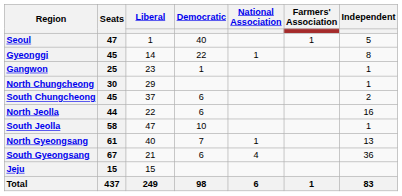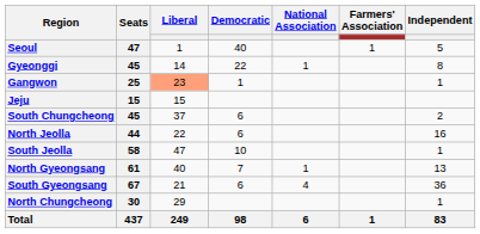 <table class="wikitable" style="text-align:center; font-size: 0.9em;">
 <tr>
 <th rowspan="2">Region</th>
 <th rowspan="2">Seats</th>
 <th class="unsortable" style="width:70px;"><a href='#'>Liberal</a></th>
 <th class="unsortable" style="width:70px;"><a href='#'>Democratic</a></th>
 <th class="unsortable" style="width:70px;"><a href='#'>National Association</a></th>
 <th class="unsortable" style="width:70px;">Farmers' Association</th>
 <th class="unsortable" style="width:70px;">Independent</th>
 </tr>
 <tr>
 <th style="background:"></th>
 <th style="background:"></th>
 <th style="background:"></th>
 <td bgcolor="brown"></td>
 <th style="background:"></th>
 </tr>
 <tr>
 <th style="text-align: left;"><a href='#'>Seoul</a></th>
 <th>47</th>
 <td>1</td>
 <td>40</td>
 <td></td>
 <td>1</td>
 <td>5</td>
 </tr>
 <tr>
 <th style="text-align: left;"><a href='#'>Gyeonggi</a></th>
 <th>45</th>
 <td>14</td>
 <td>22</td>
 <td>1</td>
 <td></td>
 <td>8</td>
 </tr>
 <tr>
 <th style="text-align: left;"><a href='#'>Gangwon</a></th>
 <th>25</th>
-<td>23</td>
+<td style="background: lightsalmon;">23</td>
 <td>1</td>
 <td></td>
 <td></td>
 <td>1</td>
 </tr>
 <tr>
-<th style="text-align: left;"><a href='#'>North Chungcheong</a></th>
-<th>30</th>
-<td>29</td>
+<th style="text-align: left;"><a href='#'>Jeju</a></th>
+<th>15</th>
+<td>15</td>
 <td></td>
 <td></td>
 <td></td>
-<td>1</td>
+<td></td>
 </tr>
 <tr>
 <th style="text-align: left;"><a href='#'>South Chungcheong</a></th>
 <th>45</th>
 <td>37</td>
 <td>6</td>
 <td></td>
 <td></td>
 <td>2</td>
 </tr>
 <tr>
 <th style="text-align: left;"><a href='#'>North Jeolla</a></th>
 <th>44</th>
 <td>22</td>
 <td>6</td>
 <td></td>
 <td></td>
 <td>16</td>
 </tr>
 <tr>
 <th style="text-align: left;"><a href='#'>South Jeolla</a></th>
 <th>58</th>
 <td>47</td>
 <td>10</td>
 <td></td>
 <td></td>
 <td>1</td>
 </tr>
 <tr>
 <th style="text-align: left;"><a href='#'>North Gyeongsang</a></th>
 <th>61</th>
 <td>40</td>
 <td>7</td>
 <td>1</td>
 <td></td>
 <td>13</td>
 </tr>
 <tr>
 <th style="text-align: left;"><a href='#'>South Gyeongsang</a></th>
 <th>67</th>
 <td>21</td>
 <td>6</td>
 <td>4</td>
 <td></td>
 <td>36</td>
 </tr>
 <tr>
-<th style="text-align: left;"><a href='#'>Jeju</a></th>
-<th>15</th>
-<td>15</td>
+<th style="text-align: left;"><a href='#'>North Chungcheong</a></th>
+<th>30</th>
+<td>29</td>
 <td></td>
 <td></td>
 <td></td>
-<td></td>
+<td>1</td>
 </tr>
 <tr class="sortbottom">
 <th style="text-align: left;">Total</th>
 <th>437</th>
 <th>249</th>
 <th>98</th>
 <th>6</th>
 <th>1</th>
 <th>83</th>
 </tr>
 </table>
